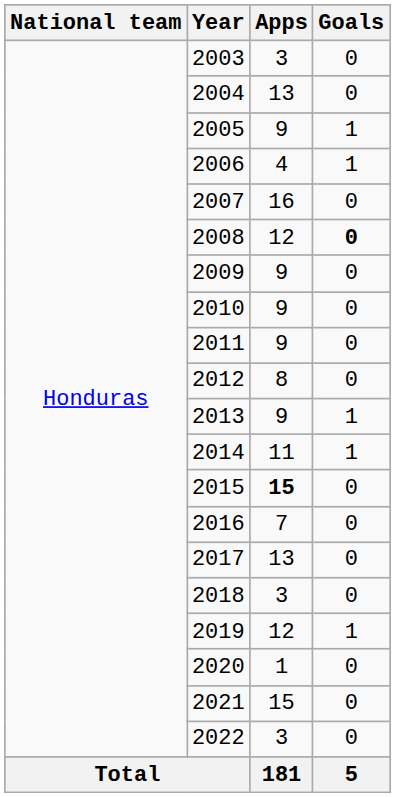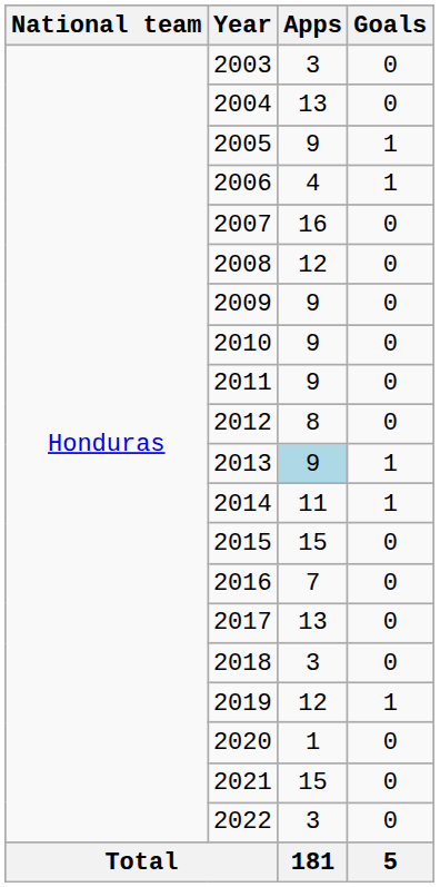 <table class="wikitable" style="text-align:center">
 <tr>
 <th>National team</th>
 <th>Year</th>
 <th>Apps</th>
 <th>Goals</th>
 </tr>
 <tr>
 <td rowspan="20"><a href='#'>Honduras</a></td>
 <td>2003</td>
 <td>3</td>
 <td>0</td>
 </tr>
 <tr>
 <td>2004</td>
 <td>13</td>
 <td>0</td>
 </tr>
 <tr>
 <td>2005</td>
 <td>9</td>
 <td>1</td>
 </tr>
 <tr>
 <td>2006</td>
 <td>4</td>
 <td>1</td>
 </tr>
 <tr>
 <td>2007</td>
 <td>16</td>
 <td>0</td>
 </tr>
 <tr>
 <td>2008</td>
 <td>12</td>
-<td><strong>0</strong></td>
+<td>0</td>
 </tr>
 <tr>
 <td>2009</td>
 <td>9</td>
 <td>0</td>
 </tr>
 <tr>
 <td>2010</td>
 <td>9</td>
 <td>0</td>
 </tr>
 <tr>
 <td>2011</td>
 <td>9</td>
 <td>0</td>
 </tr>
 <tr>
 <td>2012</td>
 <td>8</td>
 <td>0</td>
 </tr>
 <tr>
 <td>2013</td>
-<td>9</td>
+<td style="background: lightblue;">9</td>
 <td>1</td>
 </tr>
 <tr>
 <td>2014</td>
 <td>11</td>
 <td>1</td>
 </tr>
 <tr>
 <td>2015</td>
-<td><strong>15</strong></td>
+<td>15</td>
 <td>0</td>
 </tr>
 <tr>
 <td>2016</td>
 <td>7</td>
 <td>0</td>
 </tr>
 <tr>
 <td>2017</td>
 <td>13</td>
 <td>0</td>
 </tr>
 <tr>
 <td>2018</td>
 <td>3</td>
 <td>0</td>
 </tr>
 <tr>
 <td>2019</td>
 <td>12</td>
 <td>1</td>
 </tr>
 <tr>
 <td>2020</td>
 <td>1</td>
 <td>0</td>
 </tr>
 <tr>
 <td>2021</td>
 <td>15</td>
 <td>0</td>
 </tr>
 <tr>
 <td>2022</td>
 <td>3</td>
 <td>0</td>
 </tr>
 <tr>
 <th colspan="2">Total</th>
 <th>181</th>
 <th>5</th>
 </tr>
 </table>
